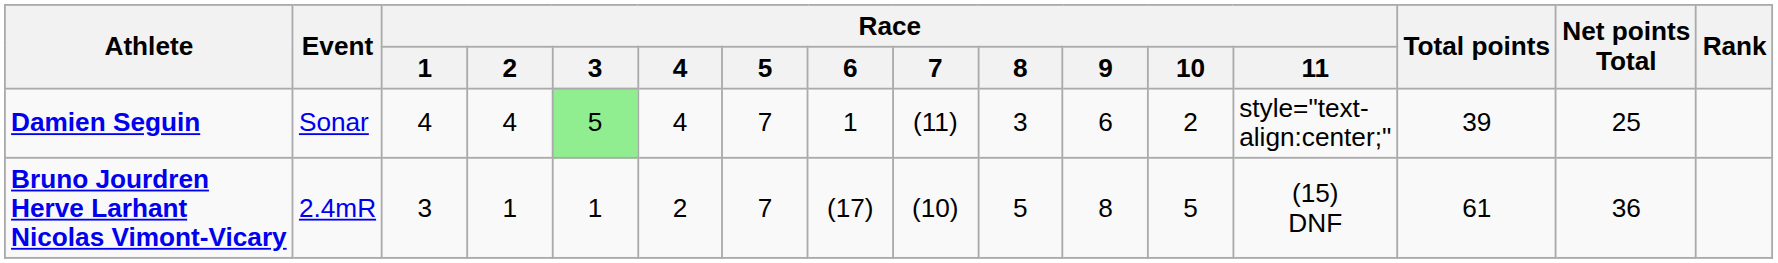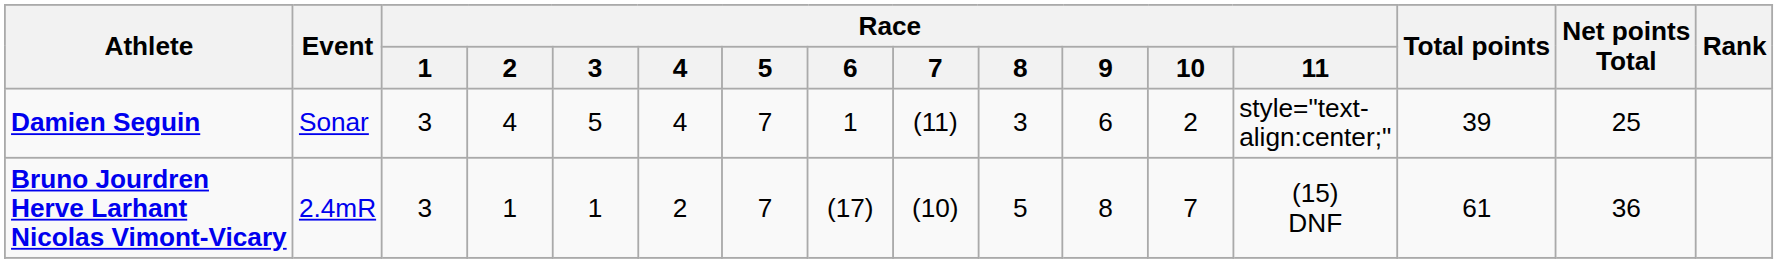 <table class=wikitable style="font-size:90%">
 <tr>
 <th rowspan="2">Athlete</th>
 <th rowspan="2">Event</th>
 <th colspan="11">Race</th>
 <th rowspan="2">Total points</th>
 <th rowspan="2">Net points<br>Total</th>
 <th rowspan="2">Rank</th>
 </tr>
 <tr>
 <th width="40">1</th>
 <th width="40">2</th>
 <th width="40">3</th>
 <th width="40">4</th>
 <th width="40">5</th>
 <th width="40">6</th>
 <th width="40">7</th>
 <th width="40">8</th>
 <th width="40">9</th>
 <th width="40">10</th>
 <th width="40">11</th>
 </tr>
 <tr>
 <td><strong><a href='#'>Damien Seguin</a></strong></td>
 <td><a href='#'>Sonar</a></td>
+<td style="text-align:center;">3</td>
 <td style="text-align:center;">4</td>
-<td style="text-align:center;">4</td>
-<td style="background: lightgreen; text-align:center;">5</td>
+<td style="text-align:center;">5</td>
 <td style="text-align:center;">4</td>
 <td style="text-align:center;">7</td>
 <td style="text-align:center;">1</td>
 <td style="text-align:center;">(11)</td>
 <td style="text-align:center;">3</td>
 <td style="text-align:center;">6</td>
 <td style="text-align:center;">2</td>
 <td>style="text-align:center;" </td>
 <td style="text-align:center;">39</td>
 <td style="text-align:center;">25</td>
 <td style="text-align:center;"></td>
 </tr>
 <tr>
 <td><strong><a href='#'>Bruno Jourdren</a></strong><br> <strong><a href='#'>Herve Larhant</a></strong><br> <strong><a href='#'>Nicolas Vimont-Vicary</a></strong></td>
 <td><a href='#'>2.4mR</a></td>
 <td style="text-align:center;">3</td>
 <td style="text-align:center;">1</td>
 <td style="text-align:center;">1</td>
 <td style="text-align:center;">2</td>
 <td style="text-align:center;">7</td>
 <td style="text-align:center;">(17)<br> </td>
 <td style="text-align:center;">(10)</td>
 <td style="text-align:center;">5</td>
 <td style="text-align:center;">8</td>
-<td style="text-align:center;">5</td>
+<td style="text-align:center;">7</td>
 <td style="text-align:center;">(15)<br> DNF</td>
 <td style="text-align:center;">61</td>
 <td style="text-align:center;">36</td>
 <td style="text-align:center;"></td>
 </tr>
 </table>
